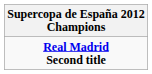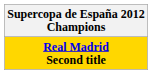 <table class=wikitable style="text-align:center; margin:auto">
 <tr>
 <th>Supercopa de España 2012 <br> Champions</th>
 </tr>
 <tr>
-<td><strong><a href='#'>Real Madrid</a></strong> <br> <strong>Second title</strong></td>
+<td style="background: gold;"><strong><a href='#'>Real Madrid</a></strong> <br> <strong>Second title</strong></td>
 </tr>
 </table>
